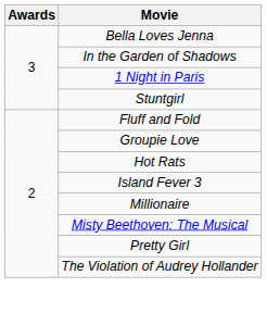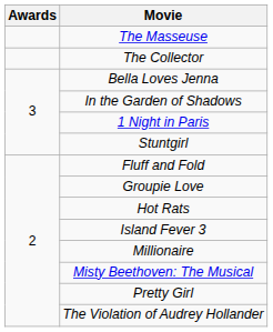 <table class="wikitable" style="text-align:center;">
 <tr>
 <th scope="col" width="55">Awards</th>
 <th scope="col" align="center">Movie</th>
+</tr>
+<tr>
+<td></td>
+<td><em><a href='#'>The Masseuse</a></em></td>
+</tr>
+<tr>
+<td></td>
+<td><em>The Collector</em></td>
 </tr>
 <tr>
 <td rowspan=4 style="text-align:center">3</td>
 <td><em>Bella Loves Jenna</em></td>
 </tr>
 <tr>
 <td><em>In the Garden of Shadows</em></td>
 </tr>
 <tr>
 <td><em><a href='#'>1 Night in Paris</a></em></td>
 </tr>
 <tr>
 <td><em>Stuntgirl</em></td>
 </tr>
 <tr>
 <td rowspan=8 style="text-align:center">2</td>
 <td><em>Fluff and Fold</em></td>
 </tr>
 <tr>
 <td><em>Groupie Love</em></td>
 </tr>
 <tr>
 <td><em>Hot Rats</em></td>
 </tr>
 <tr>
 <td><em>Island Fever 3</em></td>
 </tr>
 <tr>
 <td><em>Millionaire</em></td>
 </tr>
 <tr>
 <td><em><a href='#'>Misty Beethoven: The Musical</a></em></td>
 </tr>
 <tr>
 <td><em>Pretty Girl</em></td>
 </tr>
 <tr>
 <td><em>The Violation of Audrey Hollander</em></td>
 </tr>
 </table>
